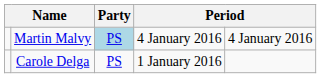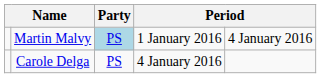 <table class="wikitable" style="font-size:95%;">
 <tr>
 <th colspan="2">Name</th>
 <th>Party</th>
 <th colspan="2">Period</th>
 </tr>
 <tr>
 <td style="color:inherit;background:"></td>
 <td style="text-align:center;"><a href='#'>Martin Malvy</a></td>
 <td style="background: lightblue; text-align:center;"><a href='#'>PS</a></td>
-<td style="text-align:center;">4 January 2016</td>
+<td style="text-align:center;">1 January 2016</td>
 <td style="text-align:center;">4 January 2016</td>
 </tr>
 <tr>
 <td style="color:inherit;background:"></td>
 <td style="text-align:center;"><a href='#'>Carole Delga</a></td>
 <td style="text-align:center;"><a href='#'>PS</a></td>
-<td style="text-align:center;">1 January 2016</td>
+<td style="text-align:center;">4 January 2016</td>
 <td></td>
 </tr>
 </table>
